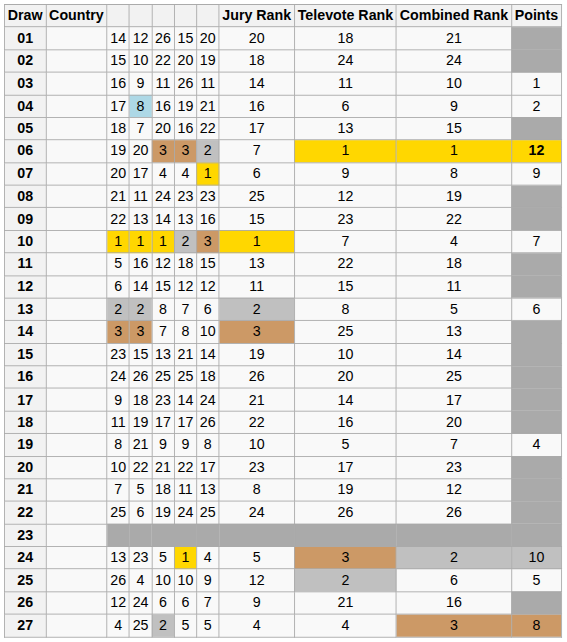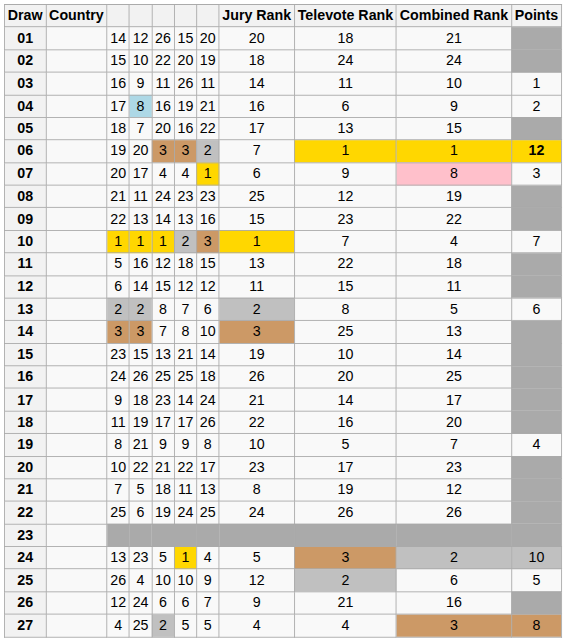 <table class="sortable wikitable collapsible plainrowheaders" style="text-align:center;">
 <tr>
 </tr>
 <tr>
 <th scope="col">Draw</th>
 <th scope="col">Country</th>
 <th scope="col"><small></small></th>
 <th scope="col"><small></small></th>
 <th scope="col"><small></small></th>
 <th scope="col"><small></small></th>
 <th scope="col"><small></small></th>
 <th scope="col">Jury Rank</th>
 <th scope="col">Televote Rank</th>
 <th scope="col">Combined Rank</th>
 <th scope="col">Points</th>
 </tr>
 <tr>
 <th scope="row" style="text-align:center;">01</th>
 <td style="text-align:left;"></td>
 <td>14</td>
 <td>12</td>
 <td>26</td>
 <td>15</td>
 <td>20</td>
 <td>20</td>
 <td>18</td>
 <td>21</td>
 <td style="background:#AAAAAA;"></td>
 </tr>
 <tr>
 <th scope="row" style="text-align:center;">02</th>
 <td style="text-align:left;"></td>
 <td>15</td>
 <td>10</td>
 <td>22</td>
 <td>20</td>
 <td>19</td>
 <td>18</td>
 <td>24</td>
 <td>24</td>
 <td style="background:#AAAAAA;"></td>
 </tr>
 <tr>
 <th scope="row" style="text-align:center;">03</th>
 <td style="text-align:left;"></td>
 <td>16</td>
 <td>9</td>
 <td>11</td>
 <td>26</td>
 <td>11</td>
 <td>14</td>
 <td>11</td>
 <td>10</td>
 <td>1</td>
 </tr>
 <tr>
 <th scope="row" style="text-align:center;">04</th>
 <td style="text-align:left;"></td>
 <td>17</td>
 <td style="background: lightblue;">8</td>
 <td>16</td>
 <td>19</td>
 <td>21</td>
 <td>16</td>
 <td>6</td>
 <td>9</td>
 <td>2</td>
 </tr>
 <tr>
 <th scope="row" style="text-align:center;">05</th>
 <td style="text-align:left;"></td>
 <td>18</td>
 <td>7</td>
 <td>20</td>
 <td>16</td>
 <td>22</td>
 <td>17</td>
 <td>13</td>
 <td>15</td>
 <td style="background:#AAAAAA;"></td>
 </tr>
 <tr>
 <th scope="row" style="text-align:center;">06</th>
 <td style="text-align:left;"></td>
 <td>19</td>
 <td>20</td>
 <td style="background:#CC9966;">3</td>
 <td style="background:#CC9966;">3</td>
 <td style="background:silver;">2</td>
 <td>7</td>
 <td style="background:gold;">1</td>
 <td style="background:gold;">1</td>
 <td style="background:gold;"><strong>12</strong></td>
 </tr>
 <tr>
 <th scope="row" style="text-align:center;">07</th>
 <td style="text-align:left;"></td>
 <td>20</td>
 <td>17</td>
 <td>4</td>
 <td>4</td>
 <td style="background:gold;">1</td>
 <td>6</td>
 <td>9</td>
-<td>8</td>
-<td>9</td>
+<td style="background: pink;">8</td>
+<td>3</td>
 </tr>
 <tr>
 <th scope="row" style="text-align:center;">08</th>
 <td style="text-align:left;"></td>
 <td>21</td>
 <td>11</td>
 <td>24</td>
 <td>23</td>
 <td>23</td>
 <td>25</td>
 <td>12</td>
 <td>19</td>
 <td style="background:#AAAAAA;"></td>
 </tr>
 <tr>
 <th scope="row" style="text-align:center;">09</th>
 <td style="text-align:left;"></td>
 <td>22</td>
 <td>13</td>
 <td>14</td>
 <td>13</td>
 <td>16</td>
 <td>15</td>
 <td>23</td>
 <td>22</td>
 <td style="background:#AAAAAA;"></td>
 </tr>
 <tr>
 <th scope="row" style="text-align:center;">10</th>
 <td style="text-align:left;"></td>
 <td style="background:gold;">1</td>
 <td style="background:gold;">1</td>
 <td style="background:gold;">1</td>
 <td style="background:silver;">2</td>
 <td style="background:#CC9966;">3</td>
 <td style="background:gold;">1</td>
 <td>7</td>
 <td>4</td>
 <td>7</td>
 </tr>
 <tr>
 <th scope="row" style="text-align:center;">11</th>
 <td style="text-align:left;"></td>
 <td>5</td>
 <td>16</td>
 <td>12</td>
 <td>18</td>
 <td>15</td>
 <td>13</td>
 <td>22</td>
 <td>18</td>
 <td style="background:#AAAAAA;"></td>
 </tr>
 <tr>
 <th scope="row" style="text-align:center;">12</th>
 <td style="text-align:left;"></td>
 <td>6</td>
 <td>14</td>
 <td>15</td>
 <td>12</td>
 <td>12</td>
 <td>11</td>
 <td>15</td>
 <td>11</td>
 <td style="background:#AAAAAA;"></td>
 </tr>
 <tr>
 <th scope="row" style="text-align:center;">13</th>
 <td style="text-align:left;"></td>
 <td style="background:silver;">2</td>
 <td style="background:silver;">2</td>
 <td>8</td>
 <td>7</td>
 <td>6</td>
 <td style="background:silver;">2</td>
 <td>8</td>
 <td>5</td>
 <td>6</td>
 </tr>
 <tr>
 <th scope="row" style="text-align:center;">14</th>
 <td style="text-align:left;"></td>
 <td style="background:#CC9966;">3</td>
 <td style="background:#CC9966;">3</td>
 <td>7</td>
 <td>8</td>
 <td>10</td>
 <td style="background:#CC9966;">3</td>
 <td>25</td>
 <td>13</td>
 <td style="background:#AAAAAA;"></td>
 </tr>
 <tr>
 <th scope="row" style="text-align:center;">15</th>
 <td style="text-align:left;"></td>
 <td>23</td>
 <td>15</td>
 <td>13</td>
 <td>21</td>
 <td>14</td>
 <td>19</td>
 <td>10</td>
 <td>14</td>
 <td style="background:#AAAAAA;"></td>
 </tr>
 <tr>
 <th scope="row" style="text-align:center;">16</th>
 <td style="text-align:left;"></td>
 <td>24</td>
 <td>26</td>
 <td>25</td>
 <td>25</td>
 <td>18</td>
 <td>26</td>
 <td>20</td>
 <td>25</td>
 <td style="background:#AAAAAA;"></td>
 </tr>
 <tr>
 <th scope="row" style="text-align:center;">17</th>
 <td style="text-align:left;"></td>
 <td>9</td>
 <td>18</td>
 <td>23</td>
 <td>14</td>
 <td>24</td>
 <td>21</td>
 <td>14</td>
 <td>17</td>
 <td style="background:#AAAAAA;"></td>
 </tr>
 <tr>
 <th scope="row" style="text-align:center;">18</th>
 <td style="text-align:left;"></td>
 <td>11</td>
 <td>19</td>
 <td>17</td>
 <td>17</td>
 <td>26</td>
 <td>22</td>
 <td>16</td>
 <td>20</td>
 <td style="background:#AAAAAA;"></td>
 </tr>
 <tr>
 <th scope="row" style="text-align:center;">19</th>
 <td style="text-align:left;"></td>
 <td>8</td>
 <td>21</td>
 <td>9</td>
 <td>9</td>
 <td>8</td>
 <td>10</td>
 <td>5</td>
 <td>7</td>
 <td>4</td>
 </tr>
 <tr>
 <th scope="row" style="text-align:center;">20</th>
 <td style="text-align:left;"></td>
 <td>10</td>
 <td>22</td>
 <td>21</td>
 <td>22</td>
 <td>17</td>
 <td>23</td>
 <td>17</td>
 <td>23</td>
 <td style="background:#AAAAAA;"></td>
 </tr>
 <tr>
 <th scope="row" style="text-align:center;">21</th>
 <td style="text-align:left;"></td>
 <td>7</td>
 <td>5</td>
 <td>18</td>
 <td>11</td>
 <td>13</td>
 <td>8</td>
 <td>19</td>
 <td>12</td>
 <td style="background:#AAAAAA;"></td>
 </tr>
 <tr>
 <th scope="row" style="text-align:center;">22</th>
 <td style="text-align:left;"></td>
 <td>25</td>
 <td>6</td>
 <td>19</td>
 <td>24</td>
 <td>25</td>
 <td>24</td>
 <td>26</td>
 <td>26</td>
 <td style="background:#AAAAAA;"></td>
 </tr>
 <tr class="sortbottom">
 <th scope="row" style="text-align:center;">23</th>
 <td style="text-align:left;"></td>
 <td style="background:#AAAAAA;"></td>
 <td style="background:#AAAAAA;"></td>
 <td style="background:#AAAAAA;"></td>
 <td style="background:#AAAAAA;"></td>
 <td style="background:#AAAAAA;"></td>
 <td style="background:#AAAAAA;"></td>
 <td style="background:#AAAAAA;"></td>
 <td style="background:#AAAAAA;"></td>
 <td style="background:#AAAAAA;"></td>
 </tr>
 <tr>
 <th scope="row" style="text-align:center;">24</th>
 <td style="text-align:left;"></td>
 <td>13</td>
 <td>23</td>
 <td>5</td>
 <td style="background:gold;">1</td>
 <td>4</td>
 <td>5</td>
 <td style="background:#CC9966;">3</td>
 <td style="background:silver;">2</td>
 <td style="background:silver;">10</td>
 </tr>
 <tr>
 <th scope="row" style="text-align:center;">25</th>
 <td style="text-align:left;"></td>
 <td>26</td>
 <td>4</td>
 <td>10</td>
 <td>10</td>
 <td>9</td>
 <td>12</td>
 <td style="background:silver;">2</td>
 <td>6</td>
 <td>5</td>
 </tr>
 <tr>
 <th scope="row" style="text-align:center;">26</th>
 <td style="text-align:left;"></td>
 <td>12</td>
 <td>24</td>
 <td>6</td>
 <td>6</td>
 <td>7</td>
 <td>9</td>
 <td>21</td>
 <td>16</td>
 <td style="background:#AAAAAA;"></td>
 </tr>
 <tr>
 <th scope="row" style="text-align:center;">27</th>
 <td style="text-align:left;"></td>
 <td>4</td>
 <td>25</td>
 <td style="background:silver;">2</td>
 <td>5</td>
 <td>5</td>
 <td>4</td>
 <td>4</td>
 <td style="background:#CC9966;">3</td>
 <td style="background:#CC9966;">8</td>
 </tr>
 </table>
